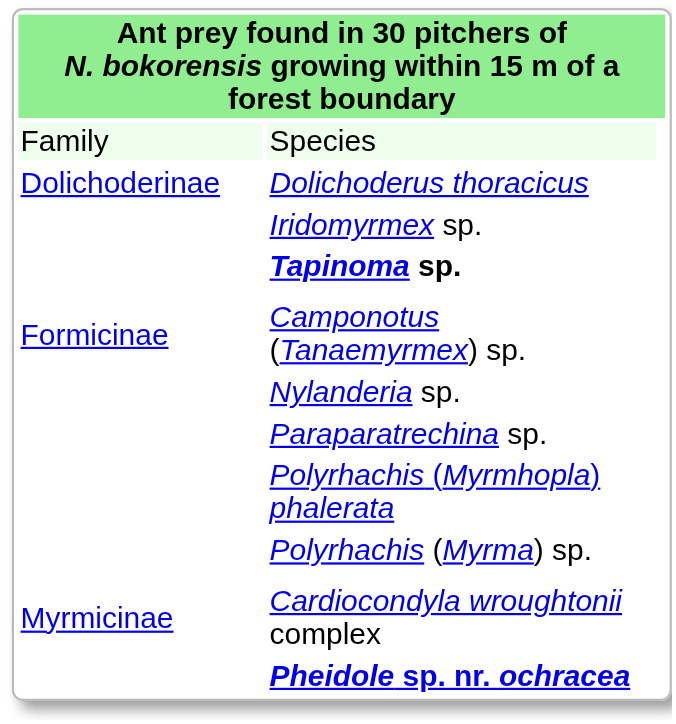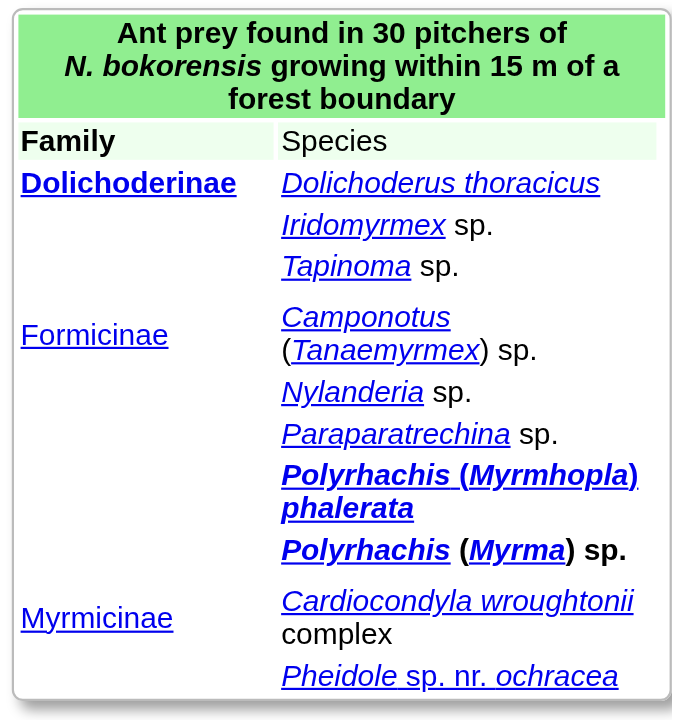 <table cellpadding="1" border="0" style="float:right; margin:0 0 1em 1em; width:300px; border:1px #bbbbbb solid; font-size:85%; box-shadow: 4px 4px 6px #A0A0A0; border-radius: 5px;">
 <tr align="center" bgcolor=#90ee90>
 <td colspan="5" align="center"><strong>Ant prey found in 30 pitchers of <em>N. bokorensis</em> growing within 15 m of a forest boundary</strong></td>
 </tr>
 <tr align="left" bgcolor=#eeffee>
-<td align="left">Family</td>
+<td align="left"><strong>Family</strong></td>
 <td>Species</td>
 </tr>
 <tr align="left" bgcolor=#ffffff>
-<td><a href='#'>Dolichoderinae</a></td>
+<td><strong><a href='#'>Dolichoderinae</a></strong></td>
 <td><em><a href='#'>Dolichoderus thoracicus</a></em></td>
 </tr>
 <tr align="left" bgcolor=#ffffff>
 <td></td>
 <td><em><a href='#'>Iridomyrmex</a></em> sp.</td>
 </tr>
 <tr align="left" bgcolor=#ffffff>
 <td></td>
-<td><strong><em><a href='#'>Tapinoma</a></em> sp.</strong></td>
+<td><em><a href='#'>Tapinoma</a></em> sp.</td>
 </tr>
 <tr align="left" bgcolor=#ffffff>
 <td></td>
 <td></td>
 <td></td>
 </tr>
 <tr align="left" bgcolor=#ffffff>
 <td><a href='#'>Formicinae</a></td>
 <td><em><a href='#'>Camponotus</a></em> (<em><a href='#'>Tanaemyrmex</a></em>) sp.</td>
 </tr>
 <tr align="left" bgcolor=#ffffff>
 <td></td>
 <td><em><a href='#'>Nylanderia</a></em> sp.</td>
 </tr>
 <tr align="left" bgcolor=#ffffff>
 <td></td>
 <td><em><a href='#'>Paraparatrechina</a></em> sp.</td>
 </tr>
 <tr align="left" bgcolor=#ffffff>
 <td></td>
-<td><a href='#'><em>Polyrhachis</em> (<em>Myrmhopla</em>) <em>phalerata</em></a></td>
+<td><strong><a href='#'><em>Polyrhachis</em> (<em>Myrmhopla</em>) <em>phalerata</em></a></strong></td>
 </tr>
 <tr align="left" bgcolor=#ffffff>
 <td></td>
-<td><em><a href='#'>Polyrhachis</a></em> (<em><a href='#'>Myrma</a></em>) sp.</td>
+<td><strong><em><a href='#'>Polyrhachis</a></em> (<em><a href='#'>Myrma</a></em>) sp.</strong></td>
 </tr>
 <tr align="left" bgcolor=#ffffff>
 <td></td>
 <td></td>
 <td></td>
 </tr>
 <tr align="left" bgcolor=#ffffff>
 <td><a href='#'>Myrmicinae</a></td>
 <td><em><a href='#'>Cardiocondyla wroughtonii</a></em> complex</td>
 </tr>
 <tr align="left" bgcolor=#ffffff>
 <td></td>
-<td><strong><a href='#'><em>Pheidole</em> sp. nr. <em>ochracea</em></a></strong></td>
+<td><a href='#'><em>Pheidole</em> sp. nr. <em>ochracea</em></a></td>
 </tr>
 </table>
